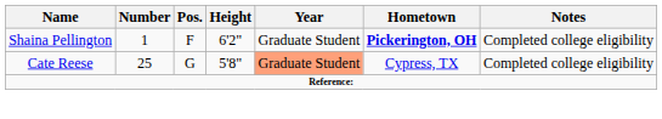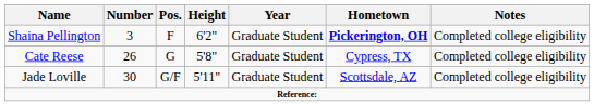 <table class="wikitable sortable" style="text-align: center">
 <tr align=center>
 <th>Name</th>
 <th>Number</th>
 <th>Pos.</th>
 <th>Height</th>
 <th>Year</th>
 <th>Hometown</th>
 <th>Notes</th>
 </tr>
 <tr>
 <td><a href='#'>Shaina Pellington</a></td>
-<td>1</td>
+<td>3</td>
 <td>F</td>
 <td>6'2"</td>
 <td>Graduate Student</td>
 <td><strong><a href='#'>Pickerington, OH</a></strong></td>
 <td>Completed college eligibility</td>
 </tr>
 <tr>
 <td><a href='#'>Cate Reese</a></td>
-<td>25</td>
+<td>26</td>
 <td>G</td>
 <td>5'8"</td>
-<td style="background: lightsalmon;">Graduate Student</td>
+<td>Graduate Student</td>
 <td><a href='#'>Cypress, TX</a></td>
+<td>Completed college eligibility</td>
+</tr>
+<tr>
+<td>Jade Loville</td>
+<td>30</td>
+<td>G/F</td>
+<td>5'11"</td>
+<td>Graduate Student</td>
+<td><a href='#'>Scottsdale, AZ</a></td>
 <td>Completed college eligibility</td>
 </tr>
 <tr>
 <td colspan ="7" style="font-size:8pt; text-align:center;"><strong>Reference:</strong></td>
 </tr>
 </table>
